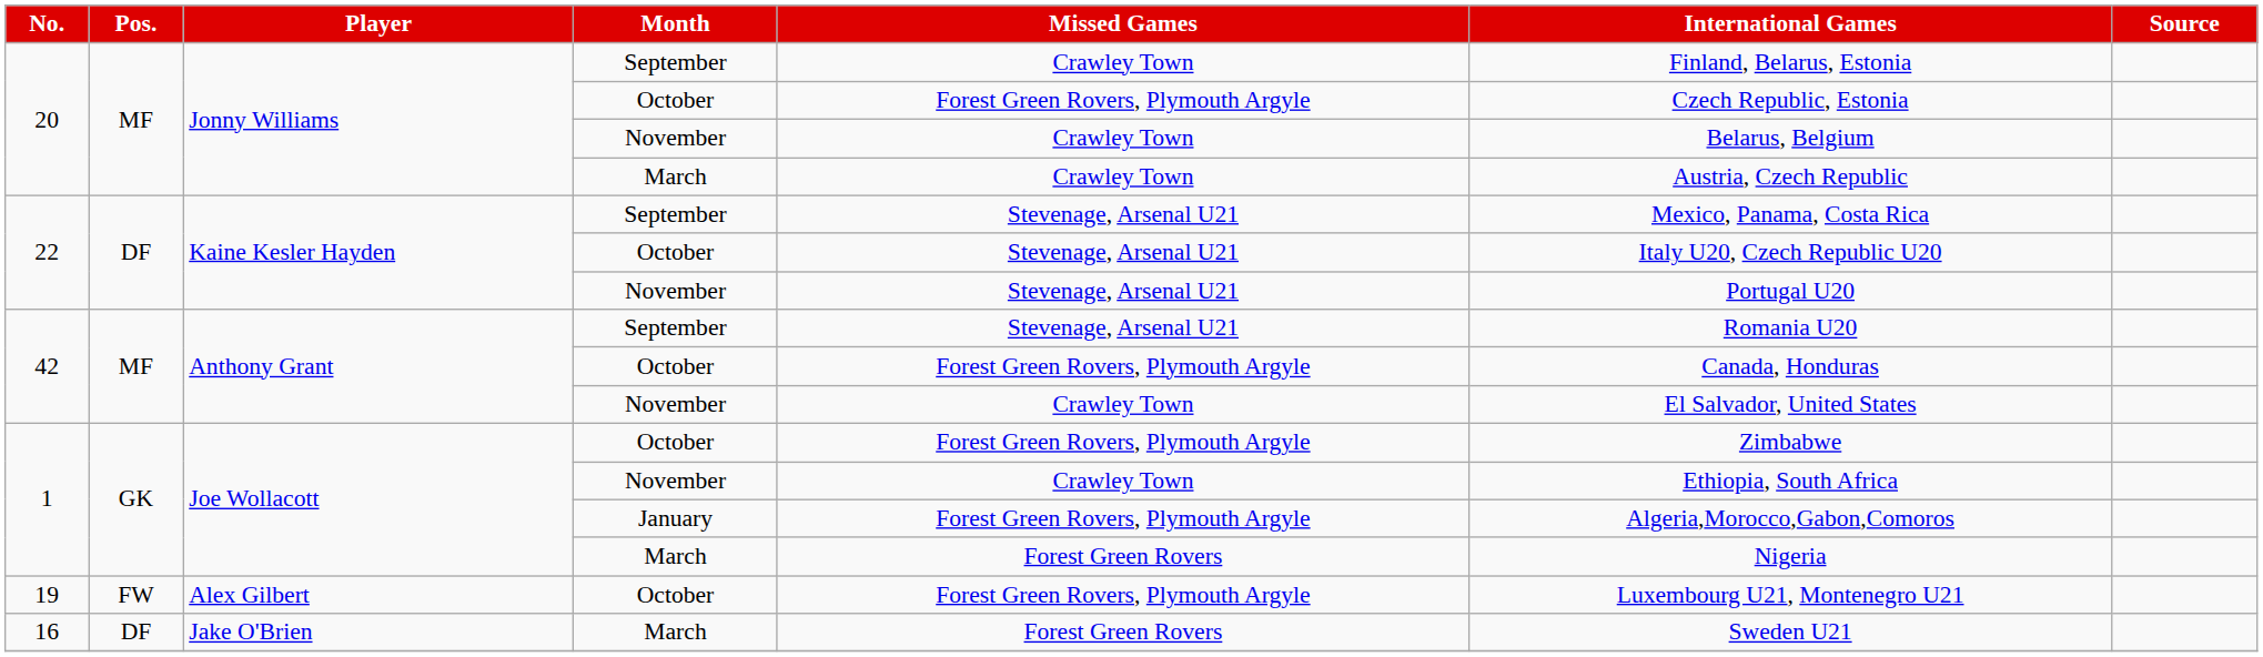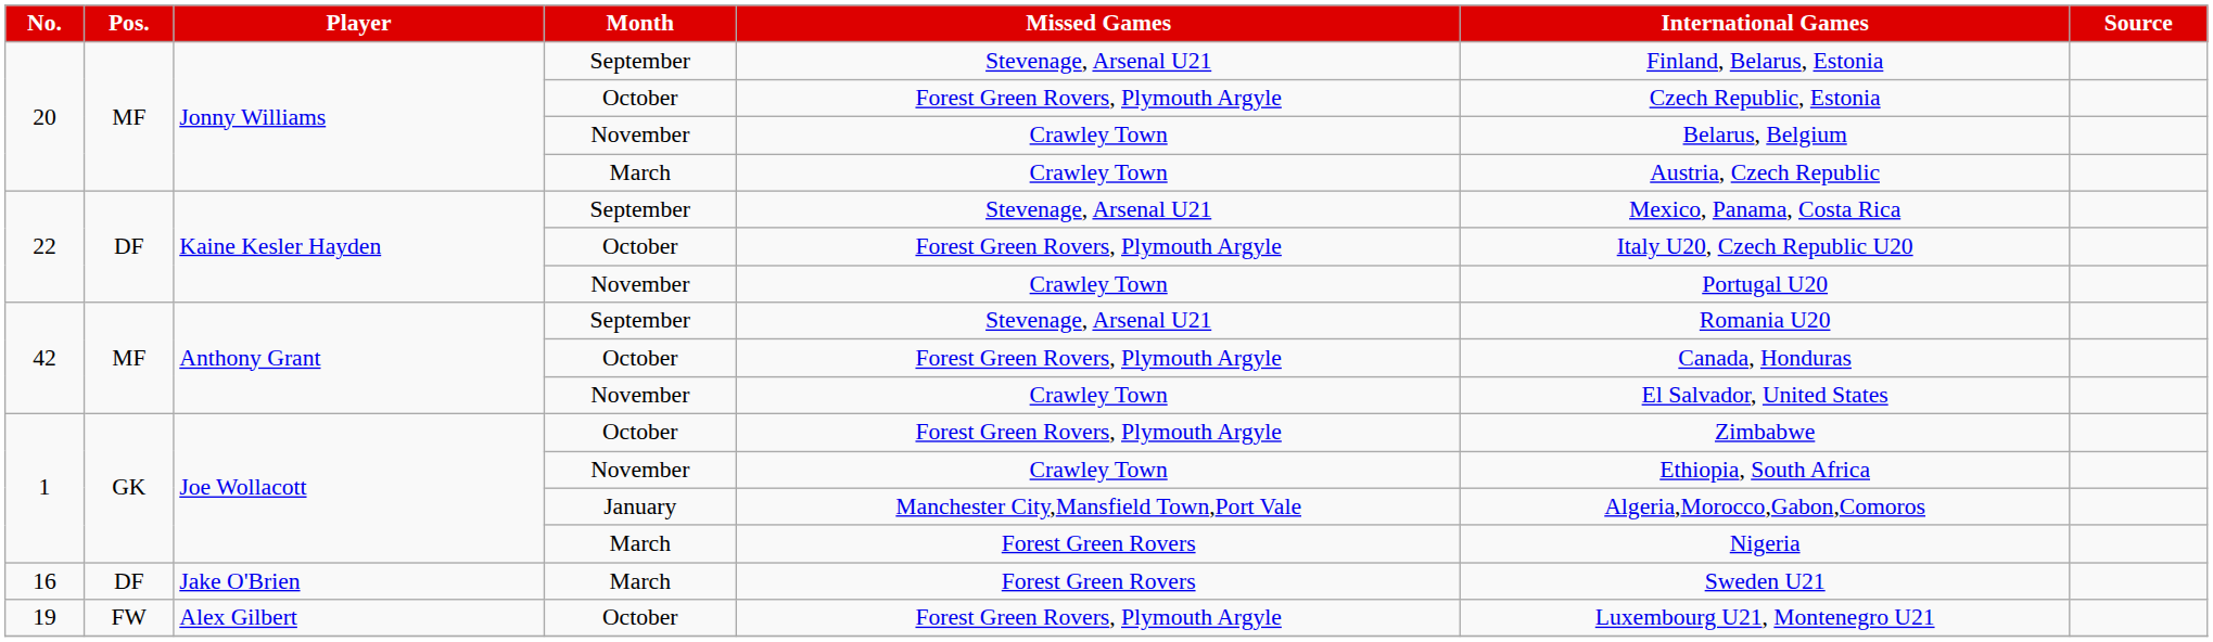 <table class="wikitable" style="text-align:center;width:119%;">
 <tr>
 <th style="background:#DD0000;color:#fff;">No.</th>
 <th style="background:#DD0000;color:#fff;">Pos.</th>
 <th style="background:#DD0000;color:#fff;">Player</th>
 <th style="background:#DD0000;color:#fff;">Month</th>
 <th style="background:#DD0000;color:#fff;">Missed Games</th>
 <th style="background:#DD0000;color:#fff;">International Games</th>
 <th style="background:#DD0000;color:#fff;">Source</th>
 </tr>
 <tr>
 <td rowspan=4>20</td>
 <td rowspan=4>MF</td>
 <td rowspan=4; align=left> <a href='#'>Jonny Williams</a></td>
 <td>September</td>
-<td><a href='#'>Crawley Town</a></td>
+<td><a href='#'>Stevenage</a>, <a href='#'>Arsenal U21</a></td>
 <td><a href='#'>Finland</a>, <a href='#'>Belarus</a>, <a href='#'>Estonia</a></td>
 <td></td>
 </tr>
 <tr>
 <td>October</td>
 <td><a href='#'>Forest Green Rovers</a>, <a href='#'>Plymouth Argyle</a></td>
 <td><a href='#'>Czech Republic</a>, <a href='#'>Estonia</a></td>
 <td></td>
 </tr>
 <tr>
 <td>November</td>
 <td><a href='#'>Crawley Town</a></td>
 <td><a href='#'>Belarus</a>, <a href='#'>Belgium</a></td>
 <td></td>
 </tr>
 <tr>
 <td>March</td>
 <td><a href='#'>Crawley Town</a></td>
 <td><a href='#'>Austria</a>, <a href='#'>Czech Republic</a></td>
 <td></td>
 </tr>
 <tr>
 <td rowspan=3>22</td>
 <td rowspan=3>DF</td>
 <td rowspan=3; align=left> <a href='#'>Kaine Kesler Hayden</a></td>
 <td>September</td>
 <td><a href='#'>Stevenage</a>, <a href='#'>Arsenal U21</a></td>
 <td><a href='#'>Mexico</a>, <a href='#'>Panama</a>, <a href='#'>Costa Rica</a></td>
 <td></td>
 </tr>
 <tr>
 <td>October</td>
-<td><a href='#'>Stevenage</a>, <a href='#'>Arsenal U21</a></td>
+<td><a href='#'>Forest Green Rovers</a>, <a href='#'>Plymouth Argyle</a></td>
 <td><a href='#'>Italy U20</a>, <a href='#'>Czech Republic U20</a></td>
 <td></td>
 </tr>
 <tr>
 <td>November</td>
-<td><a href='#'>Stevenage</a>, <a href='#'>Arsenal U21</a></td>
+<td><a href='#'>Crawley Town</a></td>
 <td><a href='#'>Portugal U20</a></td>
 <td></td>
 </tr>
 <tr>
 <td rowspan=3>42</td>
 <td rowspan=3>MF</td>
 <td rowspan=3; align=left> <a href='#'>Anthony Grant</a></td>
 <td>September</td>
 <td><a href='#'>Stevenage</a>, <a href='#'>Arsenal U21</a></td>
 <td><a href='#'>Romania U20</a></td>
 <td></td>
 </tr>
 <tr>
 <td>October</td>
 <td><a href='#'>Forest Green Rovers</a>, <a href='#'>Plymouth Argyle</a></td>
 <td><a href='#'>Canada</a>, <a href='#'>Honduras</a></td>
 <td></td>
 </tr>
 <tr>
 <td>November</td>
 <td><a href='#'>Crawley Town</a></td>
 <td><a href='#'>El Salvador</a>, <a href='#'>United States</a></td>
 <td></td>
 </tr>
 <tr>
 <td rowspan=4>1</td>
 <td rowspan=4>GK</td>
 <td rowspan=4; align=left> <a href='#'>Joe Wollacott</a></td>
 <td>October</td>
 <td><a href='#'>Forest Green Rovers</a>, <a href='#'>Plymouth Argyle</a></td>
 <td><a href='#'>Zimbabwe</a></td>
 <td></td>
 </tr>
 <tr>
 <td>November</td>
 <td><a href='#'>Crawley Town</a></td>
 <td><a href='#'>Ethiopia</a>, <a href='#'>South Africa</a></td>
 <td></td>
 </tr>
 <tr>
 <td>January</td>
-<td><a href='#'>Forest Green Rovers</a>, <a href='#'>Plymouth Argyle</a></td>
+<td><a href='#'>Manchester City</a>,<a href='#'>Mansfield Town</a>,<a href='#'>Port Vale</a></td>
 <td><a href='#'>Algeria</a>,<a href='#'>Morocco</a>,<a href='#'>Gabon</a>,<a href='#'>Comoros</a></td>
 <td></td>
 </tr>
 <tr>
 <td>March</td>
 <td><a href='#'>Forest Green Rovers</a></td>
 <td><a href='#'>Nigeria</a></td>
+<td></td>
+</tr>
+<tr>
+<td rowspan=1>16</td>
+<td rowspan=1>DF</td>
+<td rowspan=1; align=left> <a href='#'>Jake O'Brien</a></td>
+<td>March</td>
+<td><a href='#'>Forest Green Rovers</a></td>
+<td><a href='#'>Sweden U21</a></td>
 <td></td>
 </tr>
 <tr>
 <td rowspan=1>19</td>
 <td rowspan=1>FW</td>
 <td rowspan=1; align=left> <a href='#'>Alex Gilbert</a></td>
 <td>October</td>
 <td><a href='#'>Forest Green Rovers</a>, <a href='#'>Plymouth Argyle</a></td>
 <td><a href='#'>Luxembourg U21</a>, <a href='#'>Montenegro U21</a></td>
 <td></td>
 </tr>
 <tr>
-<td rowspan=1>16</td>
-<td rowspan=1>DF</td>
-<td rowspan=1; align=left> <a href='#'>Jake O'Brien</a></td>
-<td>March</td>
-<td><a href='#'>Forest Green Rovers</a></td>
-<td><a href='#'>Sweden U21</a></td>
-<td></td>
-</tr>
-<tr>
 </tr>
 </table>
